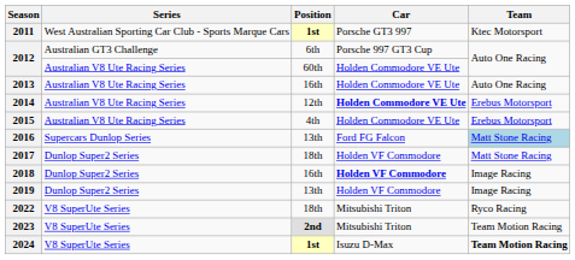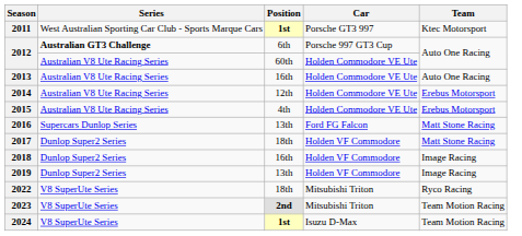 <table class="wikitable" style="font-size: 90%;">
 <tr>
 <th>Season</th>
 <th>Series</th>
 <th>Position</th>
 <th>Car</th>
 <th>Team</th>
 </tr>
 <tr>
 <th>2011</th>
 <td>West Australian Sporting Car Club - Sports Marque Cars</td>
 <td style="background: #ffffbf" align="center"><strong>1st</strong></td>
 <td>Porsche GT3 997</td>
 <td>Ktec Motorsport</td>
 </tr>
 <tr>
 <th rowspan=2>2012</th>
-<td>Australian GT3 Challenge</td>
+<td><strong>Australian GT3 Challenge</strong></td>
 <td align="center">6th</td>
 <td>Porsche 997 GT3 Cup</td>
 <td rowspan=2>Auto One Racing</td>
 </tr>
 <tr>
 <td><a href='#'>Australian V8 Ute Racing Series</a></td>
 <td align="center">60th</td>
 <td><a href='#'>Holden Commodore VE Ute</a></td>
 </tr>
 <tr>
 <th>2013</th>
 <td><a href='#'>Australian V8 Ute Racing Series</a></td>
 <td align="center">16th</td>
 <td><a href='#'>Holden Commodore VE Ute</a></td>
 <td>Auto One Racing</td>
 </tr>
 <tr>
 <th>2014</th>
 <td><a href='#'>Australian V8 Ute Racing Series</a></td>
 <td align="center">12th</td>
-<td><strong><a href='#'>Holden Commodore VE Ute</a></strong></td>
+<td><a href='#'>Holden Commodore VE Ute</a></td>
 <td><a href='#'>Erebus Motorsport</a></td>
 </tr>
 <tr>
 <th>2015</th>
 <td><a href='#'>Australian V8 Ute Racing Series</a></td>
 <td align="center">4th</td>
 <td><a href='#'>Holden Commodore VE Ute</a></td>
 <td><a href='#'>Erebus Motorsport</a></td>
 </tr>
 <tr>
 <th>2016</th>
 <td><a href='#'>Supercars Dunlop Series</a></td>
 <td align="center">13th</td>
 <td><a href='#'>Ford FG Falcon</a></td>
-<td style="background: lightblue;"><a href='#'>Matt Stone Racing</a></td>
+<td><a href='#'>Matt Stone Racing</a></td>
 </tr>
 <tr>
 <th>2017</th>
 <td><a href='#'>Dunlop Super2 Series</a></td>
 <td align="center">18th</td>
 <td><a href='#'>Holden VF Commodore</a></td>
 <td><a href='#'>Matt Stone Racing</a></td>
 </tr>
 <tr>
 <th>2018</th>
 <td><a href='#'>Dunlop Super2 Series</a></td>
 <td align="center">16th</td>
-<td><strong><a href='#'>Holden VF Commodore</a></strong></td>
+<td><a href='#'>Holden VF Commodore</a></td>
 <td>Image Racing</td>
 </tr>
 <tr>
 <th>2019</th>
 <td><a href='#'>Dunlop Super2 Series</a></td>
 <td align="center">13th</td>
 <td><a href='#'>Holden VF Commodore</a></td>
 <td>Image Racing</td>
 </tr>
 <tr>
 <th>2022</th>
 <td><a href='#'>V8 SuperUte Series</a></td>
 <td align="center">18th</td>
 <td>Mitsubishi Triton</td>
 <td>Ryco Racing</td>
 </tr>
 <tr>
 <th>2023</th>
 <td><a href='#'>V8 SuperUte Series</a></td>
 <td style="background: #dfdfdf" align="center"><strong>2nd</strong></td>
 <td>Mitsubishi Triton</td>
 <td>Team Motion Racing</td>
 </tr>
 <tr>
 <th>2024</th>
 <td><a href='#'>V8 SuperUte Series</a></td>
 <td style="background: #ffffbf" align="center"><strong>1st</strong></td>
 <td>Isuzu D-Max</td>
-<td><strong>Team Motion Racing</strong></td>
+<td>Team Motion Racing</td>
 </tr>
 </table>
